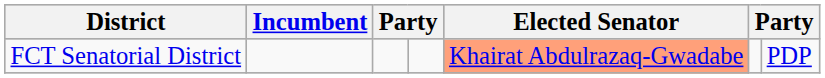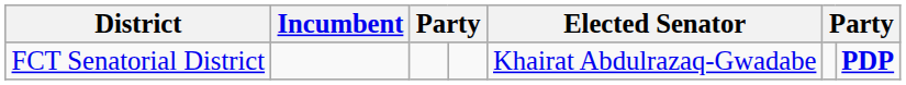 <table class="sortable wikitable" style="font-size:95%;line-height:14px;">
 <tr>
 <th class="unsortable">District</th>
 <th class="unsortable"><a href='#'>Incumbent</a></th>
 <th colspan="2">Party</th>
 <th class="unsortable">Elected Senator</th>
 <th colspan="2">Party</th>
 </tr>
 <tr>
 <td><a href='#'>FCT Senatorial District</a></td>
 <td></td>
 <td></td>
 <td></td>
-<td style="background: lightsalmon;"><a href='#'>Khairat Abdulrazaq-Gwadabe</a></td>
+<td><a href='#'>Khairat Abdulrazaq-Gwadabe</a></td>
 <td style="background:"></td>
-<td><a href='#'>PDP</a></td>
+<td><strong><a href='#'>PDP</a></strong></td>
 </tr>
 </table>
